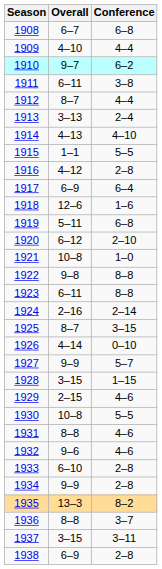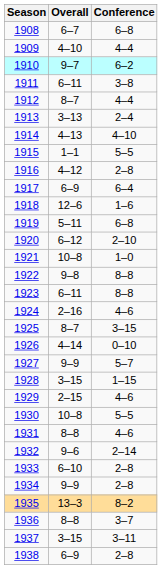 <table class="wikitable" style="text-align: center">
 <tr align=center>
 <th>Season</th>
 <th>Overall</th>
 <th>Conference</th>
 </tr>
 <tr>
 <td><a href='#'>1908</a></td>
 <td>6–7</td>
 <td>6–8</td>
 </tr>
 <tr>
 <td><a href='#'>1909</a></td>
 <td>4–10</td>
 <td>4–4 </td>
 </tr>
 <tr>
 <td style="background:#bff;"><a href='#'>1910</a></td>
 <td style="background:#bff;">9–7</td>
 <td style="background:#bff;">6–2 </td>
 </tr>
 <tr>
 <td><a href='#'>1911</a></td>
 <td>6–11</td>
 <td>3–8</td>
 </tr>
 <tr>
 <td><a href='#'>1912</a></td>
 <td>8–7</td>
 <td>4–4 </td>
 </tr>
 <tr>
 <td><a href='#'>1913</a></td>
 <td>3–13</td>
 <td>2–4 </td>
 </tr>
 <tr>
 <td><a href='#'>1914</a></td>
 <td>4–13</td>
 <td>4–10 </td>
 </tr>
 <tr>
 <td><a href='#'>1915</a></td>
 <td>1–1</td>
 <td>5–5</td>
 </tr>
 <tr>
 <td><a href='#'>1916</a></td>
 <td>4–12</td>
 <td>2–8</td>
 </tr>
 <tr>
 <td><a href='#'>1917</a></td>
 <td>6–9</td>
 <td>6–4</td>
 </tr>
 <tr>
 <td><a href='#'>1918</a></td>
 <td>12–6</td>
 <td>1–6</td>
 </tr>
 <tr>
 <td><a href='#'>1919</a></td>
 <td>5–11</td>
 <td>6–8</td>
 </tr>
 <tr>
 <td><a href='#'>1920</a></td>
 <td>6–12</td>
 <td>2–10</td>
 </tr>
 <tr>
 <td><a href='#'>1921</a></td>
 <td>10–8</td>
 <td>1–0 </td>
 </tr>
 <tr>
 <td><a href='#'>1922</a></td>
 <td>9–8</td>
 <td>8–8</td>
 </tr>
 <tr>
 <td><a href='#'>1923</a></td>
 <td>6–11</td>
 <td>8–8</td>
 </tr>
 <tr>
 <td><a href='#'>1924</a></td>
 <td>2–16</td>
-<td>2–14</td>
+<td>4–6</td>
 </tr>
 <tr>
 <td><a href='#'>1925</a></td>
 <td>8–7</td>
 <td>3–15</td>
 </tr>
 <tr>
 <td><a href='#'>1926</a></td>
 <td>4–14</td>
 <td>0–10</td>
 </tr>
 <tr>
 <td><a href='#'>1927</a></td>
 <td>9–9</td>
 <td>5–7</td>
 </tr>
 <tr>
 <td><a href='#'>1928</a></td>
 <td>3–15</td>
 <td>1–15</td>
 </tr>
 <tr>
 <td><a href='#'>1929</a></td>
 <td>2–15</td>
 <td>4–6</td>
 </tr>
 <tr>
 <td><a href='#'>1930</a></td>
 <td>10–8</td>
 <td>5–5</td>
 </tr>
 <tr>
 <td><a href='#'>1931</a></td>
 <td>8–8</td>
 <td>4–6</td>
 </tr>
 <tr>
 <td><a href='#'>1932</a></td>
 <td>9–6</td>
-<td>4–6</td>
+<td>2–14</td>
 </tr>
 <tr>
 <td><a href='#'>1933</a></td>
 <td>6–10</td>
 <td>2–8</td>
 </tr>
 <tr>
 <td><a href='#'>1934</a></td>
 <td>9–9</td>
 <td>2–8</td>
 </tr>
 <tr style="background:#fd9;">
 <td><a href='#'>1935</a></td>
 <td style="background:#fd9;">13–3</td>
 <td style="background:#fd9;">8–2</td>
 </tr>
 <tr>
 <td><a href='#'>1936</a></td>
 <td>8–8</td>
 <td>3–7</td>
 </tr>
 <tr>
 <td><a href='#'>1937</a></td>
 <td>3–15</td>
 <td>3–11</td>
 </tr>
 <tr>
 <td><a href='#'>1938</a></td>
 <td>6–9</td>
 <td>2–8</td>
 </tr>
 </table>
